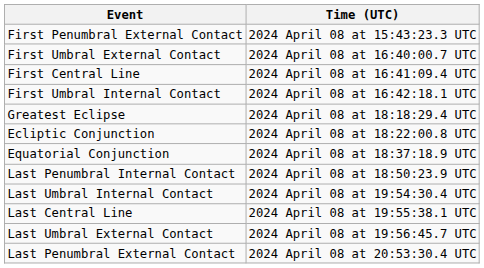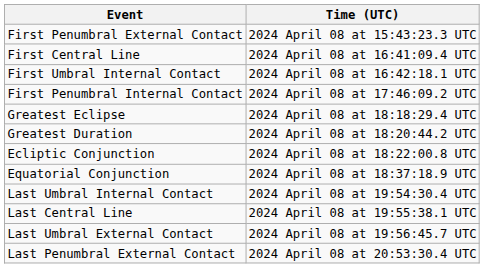 <table class="wikitable">
 <tr>
 <th>Event</th>
 <th>Time (UTC)</th>
 </tr>
 <tr>
 <td>First Penumbral External Contact</td>
 <td>2024 April 08 at 15:43:23.3 UTC</td>
 </tr>
 <tr>
-<td>First Umbral External Contact</td>
-<td>2024 April 08 at 16:40:00.7 UTC</td>
-</tr>
-<tr>
 <td>First Central Line</td>
 <td>2024 April 08 at 16:41:09.4 UTC</td>
 </tr>
 <tr>
 <td>First Umbral Internal Contact</td>
 <td>2024 April 08 at 16:42:18.1 UTC</td>
 </tr>
 <tr>
+<td>First Penumbral Internal Contact</td>
+<td>2024 April 08 at 17:46:09.2 UTC</td>
+</tr>
+<tr>
 <td>Greatest Eclipse</td>
 <td>2024 April 08 at 18:18:29.4 UTC</td>
+</tr>
+<tr>
+<td>Greatest Duration</td>
+<td>2024 April 08 at 18:20:44.2 UTC</td>
 </tr>
 <tr>
 <td>Ecliptic Conjunction</td>
 <td>2024 April 08 at 18:22:00.8 UTC</td>
 </tr>
 <tr>
 <td>Equatorial Conjunction</td>
 <td>2024 April 08 at 18:37:18.9 UTC</td>
-</tr>
-<tr>
-<td>Last Penumbral Internal Contact</td>
-<td>2024 April 08 at 18:50:23.9 UTC</td>
 </tr>
 <tr>
 <td>Last Umbral Internal Contact</td>
 <td>2024 April 08 at 19:54:30.4 UTC</td>
 </tr>
 <tr>
 <td>Last Central Line</td>
 <td>2024 April 08 at 19:55:38.1 UTC</td>
 </tr>
 <tr>
 <td>Last Umbral External Contact</td>
 <td>2024 April 08 at 19:56:45.7 UTC</td>
 </tr>
 <tr>
 <td>Last Penumbral External Contact</td>
 <td>2024 April 08 at 20:53:30.4 UTC</td>
 </tr>
 </table>
